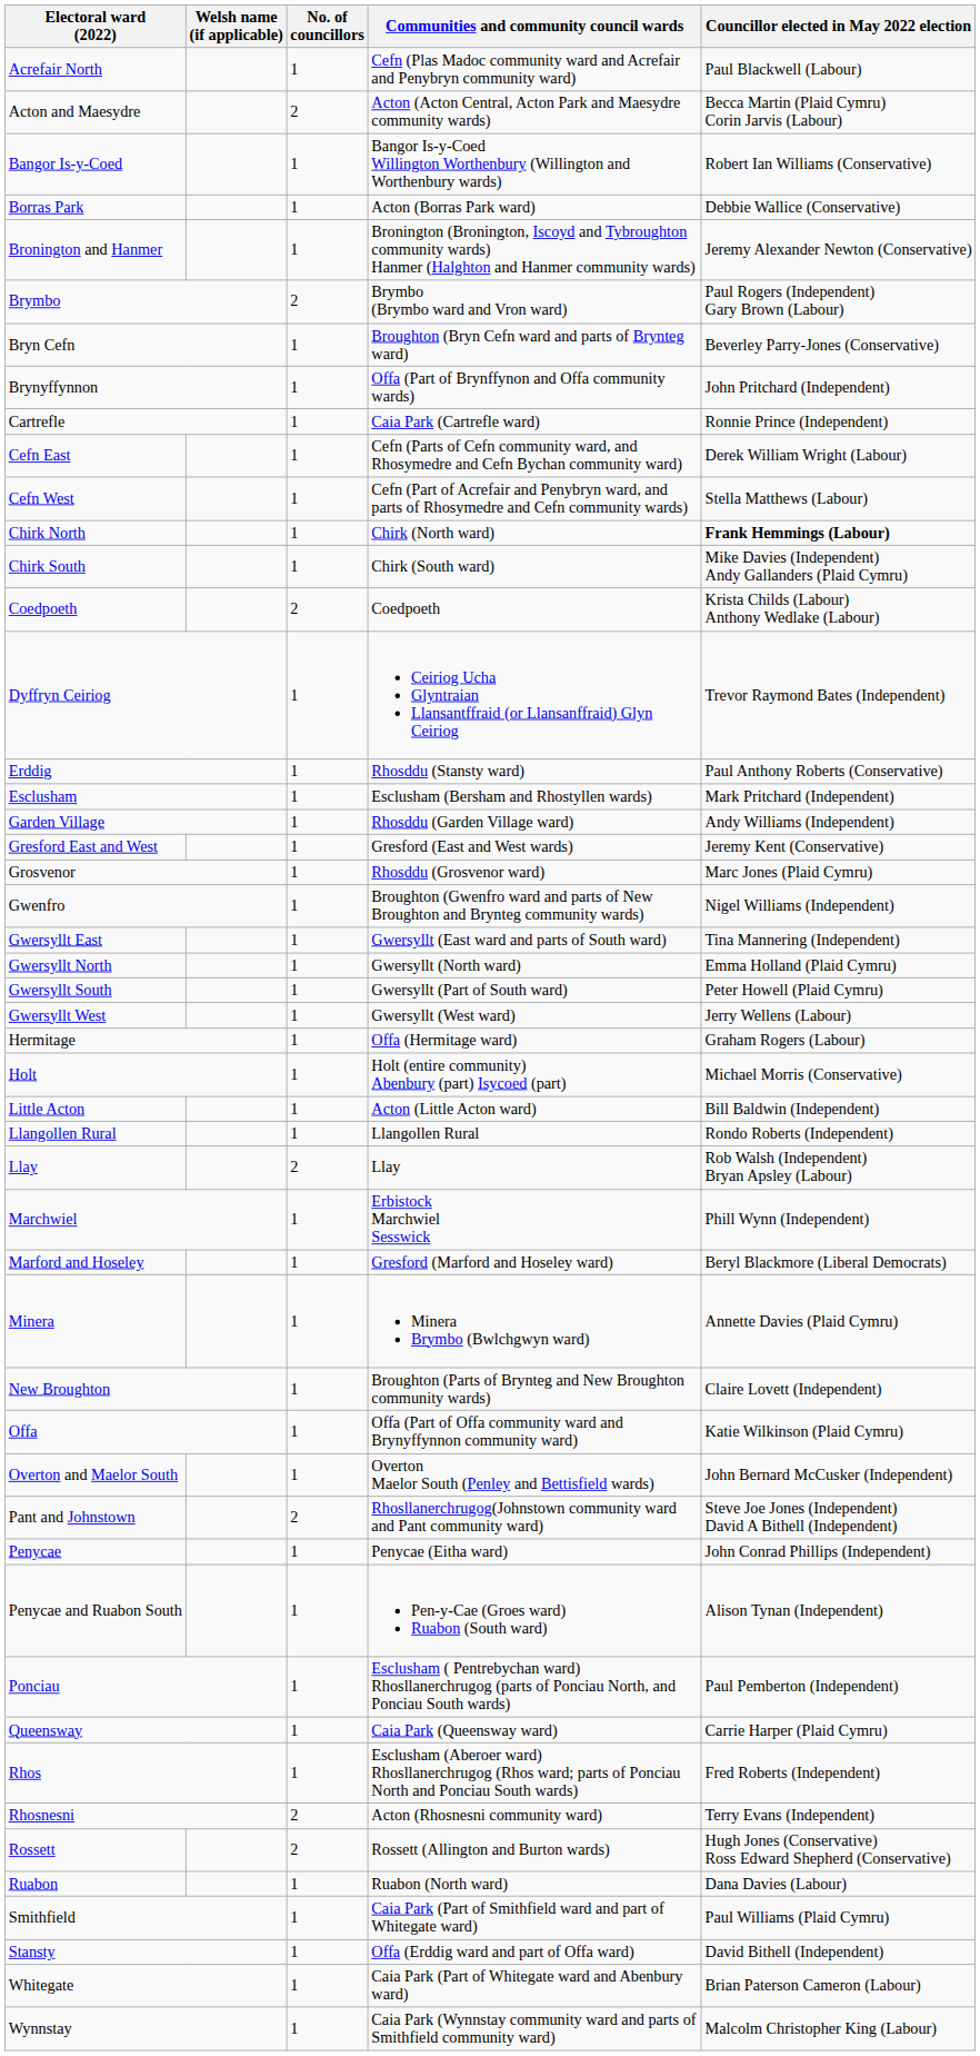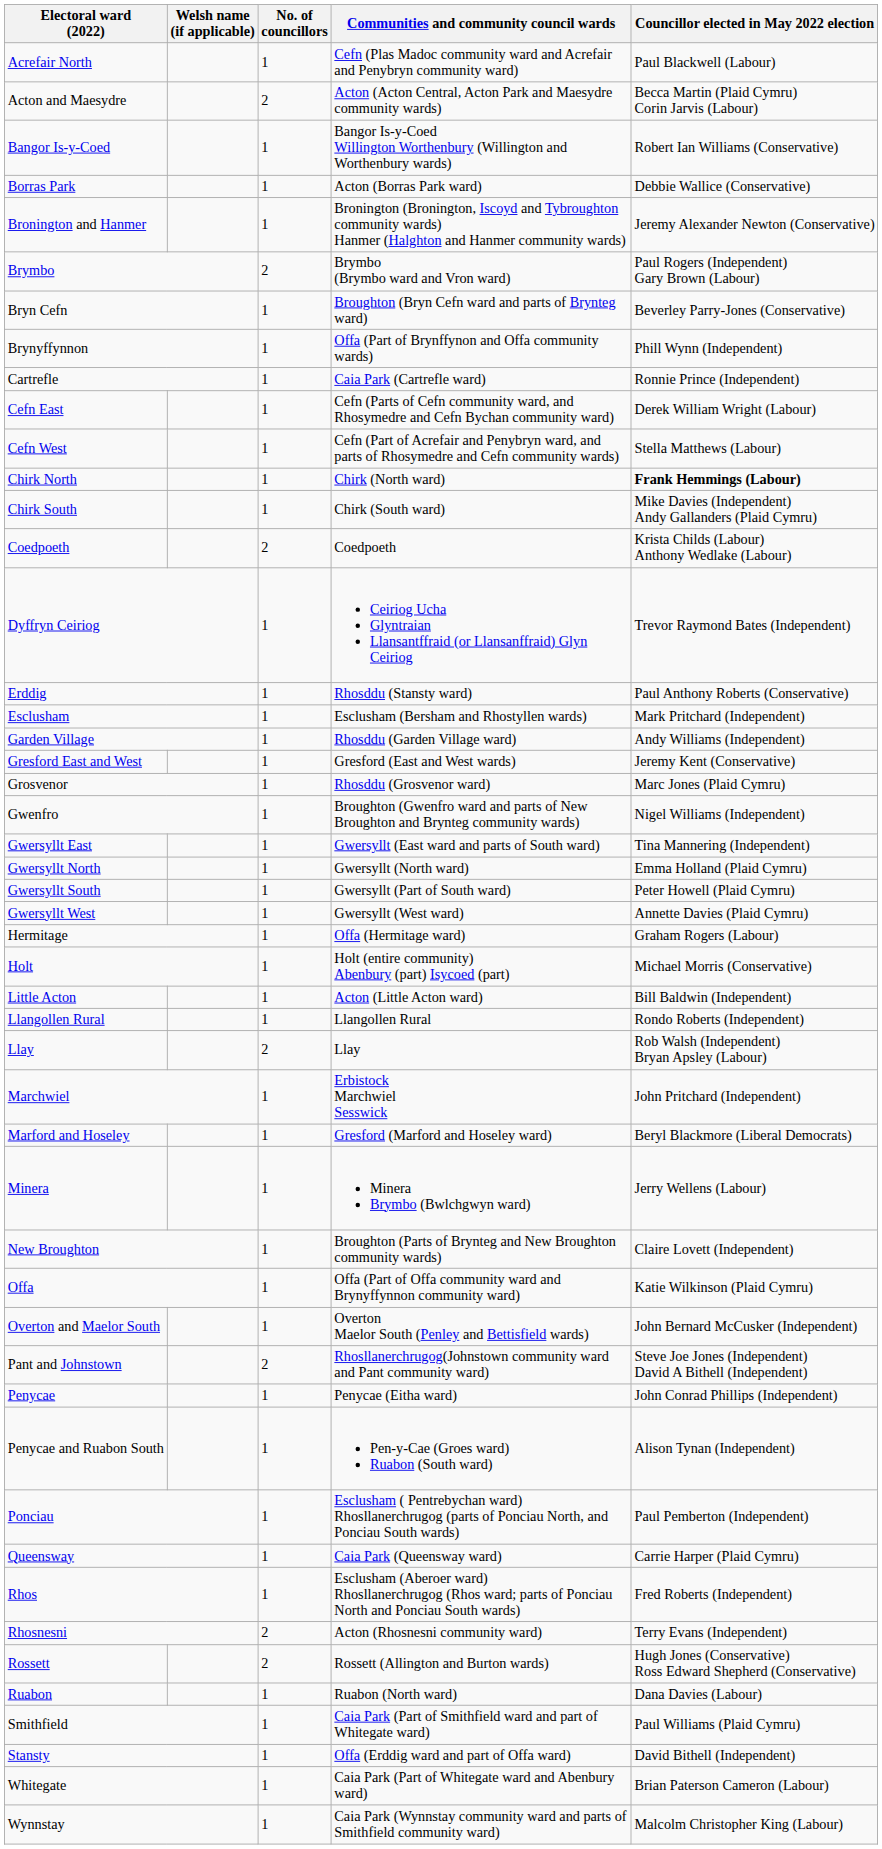 <table class="wikitable mw-collapsible mw-collapsed">
 <tr>
 <th>Electoral ward<br>(2022)</th>
 <th>Welsh name<br>(if applicable)</th>
 <th>No. of<br>councillors<br></th>
 <th width="330pt"><a href='#'>Communities</a> and community council wards</th>
 <th>Councillor elected in May 2022 election</th>
 </tr>
 <tr>
 <td><a href='#'>Acrefair North</a></td>
 <td></td>
 <td>1</td>
 <td><a href='#'>Cefn</a> (Plas Madoc community ward and Acrefair and Penybryn community ward)</td>
 <td>Paul Blackwell (Labour)</td>
 </tr>
 <tr>
 <td>Acton and Maesydre</td>
 <td></td>
 <td>2</td>
 <td><a href='#'>Acton</a> (Acton Central, Acton Park and Maesydre community wards)</td>
 <td>Becca Martin (Plaid Cymru)<br>Corin Jarvis (Labour)</td>
 </tr>
 <tr>
 <td><a href='#'>Bangor Is-y-Coed</a></td>
 <td></td>
 <td>1</td>
 <td>Bangor Is-y-Coed<br><a href='#'>Willington Worthenbury</a> (Willington and Worthenbury wards)</td>
 <td>Robert Ian Williams (Conservative)</td>
 </tr>
 <tr>
 <td><a href='#'>Borras Park</a></td>
 <td></td>
 <td>1</td>
 <td>Acton (Borras Park ward)</td>
 <td>Debbie Wallice (Conservative)</td>
 </tr>
 <tr>
 <td><a href='#'>Bronington</a> and <a href='#'>Hanmer</a></td>
 <td></td>
 <td>1</td>
 <td>Bronington (Bronington, <a href='#'>Iscoyd</a> and <a href='#'>Tybroughton</a> community wards)<br>Hanmer (<a href='#'>Halghton</a> and Hanmer community wards)</td>
 <td>Jeremy Alexander Newton (Conservative)</td>
 </tr>
 <tr>
 <td colspan="2"><a href='#'>Brymbo</a></td>
 <td>2</td>
 <td>Brymbo<br>(Brymbo ward and Vron ward)</td>
 <td>Paul Rogers (Independent)<br>Gary Brown (Labour)</td>
 </tr>
 <tr>
 <td colspan="2">Bryn Cefn</td>
 <td>1</td>
 <td><a href='#'>Broughton</a> (Bryn Cefn ward and parts of <a href='#'>Brynteg</a> ward)</td>
 <td>Beverley Parry-Jones (Conservative)</td>
 </tr>
 <tr>
 <td colspan="2">Brynyffynnon</td>
 <td>1</td>
 <td><a href='#'>Offa</a> (Part of Brynffynon and Offa community wards)</td>
-<td>John Pritchard (Independent)</td>
+<td>Phill Wynn (Independent)</td>
 </tr>
 <tr>
 <td colspan="2">Cartrefle</td>
 <td>1</td>
 <td><a href='#'>Caia Park</a> (Cartrefle ward)</td>
 <td>Ronnie Prince (Independent)</td>
 </tr>
 <tr>
 <td><a href='#'>Cefn East</a></td>
 <td></td>
 <td>1</td>
 <td>Cefn (Parts of Cefn community ward, and Rhosymedre and Cefn Bychan community ward)</td>
 <td>Derek William Wright (Labour)</td>
 </tr>
 <tr>
 <td><a href='#'>Cefn West</a></td>
 <td></td>
 <td>1</td>
 <td>Cefn (Part of Acrefair and Penybryn ward, and parts of Rhosymedre and Cefn community wards)</td>
 <td>Stella Matthews (Labour)</td>
 </tr>
 <tr>
 <td><a href='#'>Chirk North</a></td>
 <td></td>
 <td>1</td>
 <td><a href='#'>Chirk</a> (North ward)</td>
 <td><strong>Frank Hemmings (Labour)</strong></td>
 </tr>
 <tr>
 <td><a href='#'>Chirk South</a></td>
 <td></td>
 <td>1</td>
 <td>Chirk (South ward)</td>
 <td>Mike Davies (Independent)<br>Andy Gallanders (Plaid Cymru)</td>
 </tr>
 <tr>
 <td><a href='#'>Coedpoeth</a></td>
 <td></td>
 <td>2</td>
 <td>Coedpoeth</td>
 <td>Krista Childs (Labour)<br>Anthony Wedlake (Labour)</td>
 </tr>
 <tr>
 <td colspan="2"><a href='#'>Dyffryn Ceiriog</a></td>
 <td>1</td>
 <td><br><ul><li><a href='#'>Ceiriog Ucha</a></li><li><a href='#'>Glyntraian</a></li><li><a href='#'>Llansantffraid (or Llansanffraid) Glyn Ceiriog</a></li></ul></td>
 <td>Trevor Raymond Bates (Independent)</td>
 </tr>
 <tr>
 <td colspan="2"><a href='#'>Erddig</a></td>
 <td>1</td>
 <td><a href='#'>Rhosddu</a> (Stansty ward)</td>
 <td>Paul Anthony Roberts (Conservative)</td>
 </tr>
 <tr>
 <td colspan="2"><a href='#'>Esclusham</a></td>
 <td>1</td>
 <td>Esclusham (Bersham and Rhostyllen wards)</td>
 <td>Mark Pritchard (Independent)</td>
 </tr>
 <tr>
 <td colspan="2"><a href='#'>Garden Village</a></td>
 <td>1</td>
 <td><a href='#'>Rhosddu</a> (Garden Village ward)</td>
 <td>Andy Williams (Independent)</td>
 </tr>
 <tr>
 <td><a href='#'>Gresford East and West</a></td>
 <td></td>
 <td>1</td>
 <td>Gresford (East and West wards)</td>
 <td>Jeremy Kent (Conservative)</td>
 </tr>
 <tr>
 <td colspan="2">Grosvenor</td>
 <td>1</td>
 <td><a href='#'>Rhosddu</a> (Grosvenor ward)</td>
 <td>Marc Jones (Plaid Cymru)</td>
 </tr>
 <tr>
 <td colspan="2">Gwenfro</td>
 <td>1</td>
 <td>Broughton (Gwenfro ward and parts of New Broughton and Brynteg community wards)</td>
 <td>Nigel Williams (Independent)</td>
 </tr>
 <tr>
 <td><a href='#'>Gwersyllt East</a></td>
 <td></td>
 <td>1</td>
 <td><a href='#'>Gwersyllt</a> (East ward and parts of South ward)</td>
 <td>Tina Mannering (Independent)</td>
 </tr>
 <tr>
 <td><a href='#'>Gwersyllt North</a></td>
 <td></td>
 <td>1</td>
 <td>Gwersyllt (North ward)</td>
 <td>Emma Holland (Plaid Cymru)</td>
 </tr>
 <tr>
 <td><a href='#'>Gwersyllt South</a></td>
 <td></td>
 <td>1</td>
 <td>Gwersyllt (Part of South ward)</td>
 <td>Peter Howell (Plaid Cymru)</td>
 </tr>
 <tr>
 <td><a href='#'>Gwersyllt West</a></td>
 <td></td>
 <td>1</td>
 <td>Gwersyllt (West ward)</td>
-<td>Jerry Wellens (Labour)</td>
+<td>Annette Davies (Plaid Cymru)</td>
 </tr>
 <tr>
 <td colspan="2">Hermitage</td>
 <td>1</td>
 <td><a href='#'>Offa</a> (Hermitage ward)</td>
 <td>Graham Rogers (Labour)</td>
 </tr>
 <tr>
 <td colspan="2"><a href='#'>Holt</a></td>
 <td>1</td>
 <td>Holt (entire community)<br><a href='#'>Abenbury</a> (part) <a href='#'>Isycoed</a> (part)</td>
 <td>Michael Morris (Conservative)</td>
 </tr>
 <tr>
 <td><a href='#'>Little Acton</a></td>
 <td></td>
 <td>1</td>
 <td><a href='#'>Acton</a> (Little Acton ward)</td>
 <td>Bill Baldwin (Independent)</td>
 </tr>
 <tr>
 <td><a href='#'>Llangollen Rural</a></td>
 <td></td>
 <td>1</td>
 <td>Llangollen Rural</td>
 <td>Rondo Roberts (Independent)</td>
 </tr>
 <tr>
 <td><a href='#'>Llay</a></td>
 <td></td>
 <td>2</td>
 <td>Llay</td>
 <td>Rob Walsh (Independent)<br>Bryan Apsley (Labour)</td>
 </tr>
 <tr>
 <td colspan="2"><a href='#'>Marchwiel</a></td>
 <td>1</td>
 <td><a href='#'>Erbistock</a><br>Marchwiel<br><a href='#'>Sesswick</a></td>
-<td>Phill Wynn (Independent)</td>
+<td>John Pritchard (Independent)</td>
 </tr>
 <tr>
 <td><a href='#'>Marford and Hoseley</a></td>
 <td></td>
 <td>1</td>
 <td><a href='#'>Gresford</a> (Marford and Hoseley ward)</td>
 <td>Beryl Blackmore (Liberal Democrats)</td>
 </tr>
 <tr>
 <td><a href='#'>Minera</a></td>
 <td></td>
 <td>1</td>
 <td><br><ul><li>Minera</li><li><a href='#'>Brymbo</a> (Bwlchgwyn ward)</li></ul></td>
-<td>Annette Davies (Plaid Cymru)</td>
+<td>Jerry Wellens (Labour)</td>
 </tr>
 <tr>
 <td colspan="2"><a href='#'>New Broughton</a></td>
 <td>1</td>
 <td>Broughton (Parts of Brynteg and New Broughton community wards)</td>
 <td>Claire Lovett (Independent)</td>
 </tr>
 <tr>
 <td colspan="2"><a href='#'>Offa</a></td>
 <td>1</td>
 <td>Offa (Part of Offa community ward and Brynyffynnon community ward)</td>
 <td>Katie Wilkinson (Plaid Cymru)</td>
 </tr>
 <tr>
 <td><a href='#'>Overton</a> and <a href='#'>Maelor South</a></td>
 <td></td>
 <td>1</td>
 <td>Overton<br>Maelor South (<a href='#'>Penley</a> and <a href='#'>Bettisfield</a> wards)</td>
 <td>John Bernard McCusker (Independent)</td>
 </tr>
 <tr>
 <td>Pant and <a href='#'>Johnstown</a></td>
 <td></td>
 <td>2</td>
 <td><a href='#'>Rhosllanerchrugog</a>(Johnstown community ward and Pant community ward)</td>
 <td>Steve Joe Jones (Independent)<br>David A Bithell (Independent)</td>
 </tr>
 <tr>
 <td><a href='#'>Penycae</a></td>
 <td></td>
 <td>1</td>
 <td>Penycae (Eitha ward)</td>
 <td>John Conrad Phillips (Independent)</td>
 </tr>
 <tr>
 <td>Penycae and Ruabon South</td>
 <td></td>
 <td>1</td>
 <td><br><ul><li>Pen-y-Cae (Groes ward)</li><li><a href='#'>Ruabon</a> (South ward)</li></ul></td>
 <td>Alison Tynan (Independent)</td>
 </tr>
 <tr>
 <td colspan="2"><a href='#'>Ponciau</a></td>
 <td>1</td>
 <td><a href='#'>Esclusham</a> ( Pentrebychan ward)<br>Rhosllanerchrugog (parts of Ponciau North, and Ponciau South wards)</td>
 <td>Paul Pemberton (Independent)</td>
 </tr>
 <tr>
 <td colspan="2"><a href='#'>Queensway</a></td>
 <td>1</td>
 <td><a href='#'>Caia Park</a> (Queensway ward)</td>
 <td>Carrie Harper (Plaid Cymru)</td>
 </tr>
 <tr>
 <td colspan="2"><a href='#'>Rhos</a></td>
 <td>1</td>
 <td>Esclusham (Aberoer ward)<br>Rhosllanerchrugog (Rhos ward; parts of Ponciau North and Ponciau South wards)</td>
 <td>Fred Roberts (Independent)</td>
 </tr>
 <tr>
 <td colspan="2"><a href='#'>Rhosnesni</a></td>
 <td>2</td>
 <td>Acton (Rhosnesni community ward)</td>
 <td>Terry Evans (Independent)</td>
 </tr>
 <tr>
 <td><a href='#'>Rossett</a></td>
 <td></td>
 <td>2</td>
 <td>Rossett (Allington and Burton wards)</td>
 <td>Hugh Jones (Conservative)<br>Ross Edward Shepherd (Conservative)</td>
 </tr>
 <tr>
 <td><a href='#'>Ruabon</a></td>
 <td></td>
 <td>1</td>
 <td>Ruabon (North ward)</td>
 <td>Dana Davies (Labour)</td>
 </tr>
 <tr>
 <td colspan="2">Smithfield</td>
 <td>1</td>
 <td><a href='#'>Caia Park</a> (Part of Smithfield ward and part of Whitegate ward)</td>
 <td>Paul Williams (Plaid Cymru)</td>
 </tr>
 <tr>
 <td colspan="2"><a href='#'>Stansty</a></td>
 <td>1</td>
 <td><a href='#'>Offa</a> (Erddig ward and part of Offa ward)</td>
 <td>David Bithell (Independent)</td>
 </tr>
 <tr>
 <td colspan="2">Whitegate</td>
 <td>1</td>
 <td>Caia Park (Part of Whitegate ward and Abenbury ward)</td>
 <td>Brian Paterson Cameron (Labour)</td>
 </tr>
 <tr>
 <td colspan="2">Wynnstay</td>
 <td>1</td>
 <td>Caia Park (Wynnstay community ward and parts of Smithfield community ward)</td>
 <td>Malcolm Christopher King (Labour)</td>
 </tr>
 </table>
